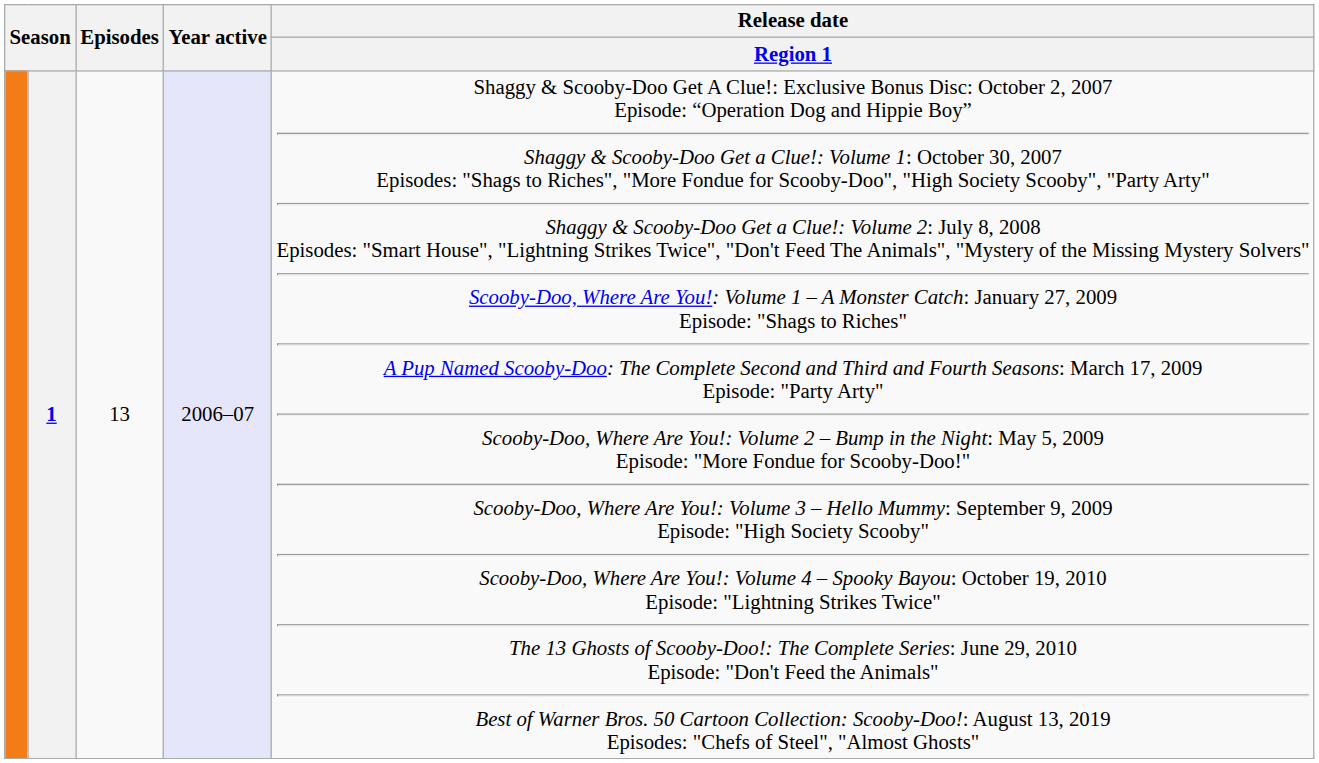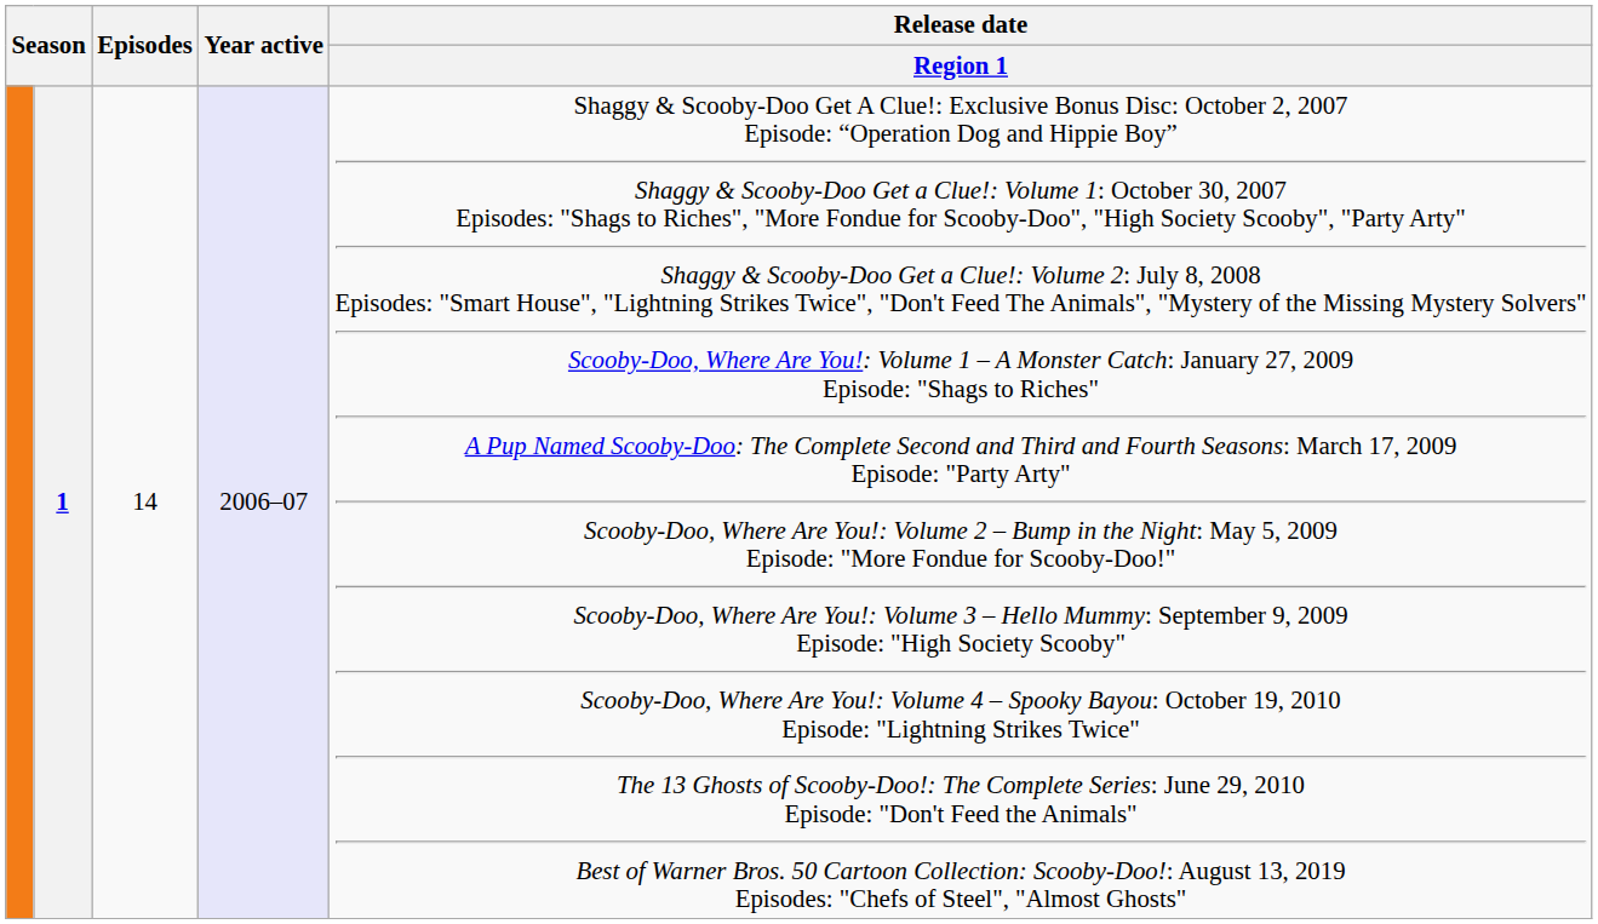 <table class="wikitable" style="text-align: center;">
 <tr>
 <th colspan=2 rowspan=2>Season</th>
 <th rowspan=2>Episodes</th>
 <th rowspan=2>Year active</th>
 <th>Release date</th>
 </tr>
 <tr>
 <th><a href='#'>Region 1</a></th>
 </tr>
 <tr>
 <td style="background:#F37C17"></td>
 <th><a href='#'>1</a></th>
-<td>13</td>
+<td>14</td>
 <td style="background: lavender;">2006–07</td>
 <td>Shaggy & Scooby-Doo Get A Clue!: Exclusive Bonus Disc: October 2, 2007<br>Episode: “Operation Dog and Hippie Boy”<hr> <em>Shaggy & Scooby-Doo Get a Clue!: Volume 1</em>: October 30, 2007<br>Episodes: "Shags to Riches", "More Fondue for Scooby-Doo", "High Society Scooby", "Party Arty"<hr><em>Shaggy & Scooby-Doo Get a Clue!: Volume 2</em>: July 8, 2008<br>Episodes: "Smart House", "Lightning Strikes Twice", "Don't Feed The Animals", "Mystery of the Missing Mystery Solvers"<hr><em><a href='#'>Scooby-Doo, Where Are You!</a>: Volume 1 – A Monster Catch</em>: January 27, 2009<br>Episode: "Shags to Riches"<hr><em><a href='#'>A Pup Named Scooby-Doo</a>: The Complete Second and Third and Fourth Seasons</em>: March 17, 2009<br>Episode: "Party Arty"<hr><em>Scooby-Doo, Where Are You!: Volume 2 – Bump in the Night</em>: May 5, 2009<br>Episode: "More Fondue for Scooby-Doo!"<hr><em>Scooby-Doo, Where Are You!: Volume 3 – Hello Mummy</em>: September 9, 2009<br>Episode: "High Society Scooby"<hr><em>Scooby-Doo, Where Are You!: Volume 4 – Spooky Bayou</em>: October 19, 2010<br>Episode: "Lightning Strikes Twice"<hr><em>The 13 Ghosts of Scooby-Doo!: The Complete Series</em>: June 29, 2010<br>Episode: "Don't Feed the Animals"<hr><em>Best of Warner Bros. 50 Cartoon Collection: Scooby-Doo!</em>: August 13, 2019<br>Episodes: "Chefs of Steel", "Almost Ghosts"</td>
 </tr>
 </table>
